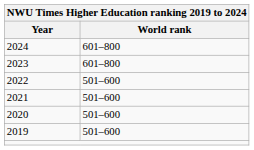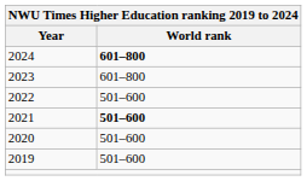 <table class="wikitable">
 <tr>
 <th colspan="2"><strong>NWU Times Higher Education ranking 2019 to 2024</strong></th>
 </tr>
 <tr>
 <th>Year</th>
 <th>World rank</th>
 </tr>
 <tr>
 <td>2024</td>
-<td>601–800</td>
+<td><strong>601–800</strong></td>
 </tr>
 <tr>
 <td>2023</td>
 <td>601–800</td>
 </tr>
 <tr>
 <td>2022</td>
 <td>501–600</td>
 </tr>
 <tr>
 <td>2021</td>
-<td>501–600</td>
+<td><strong>501–600</strong></td>
 </tr>
 <tr>
 <td>2020</td>
 <td>501–600</td>
 </tr>
 <tr>
 <td>2019</td>
 <td>501–600</td>
 </tr>
 <tr>
 <td colspan="2"></td>
 </tr>
 </table>
